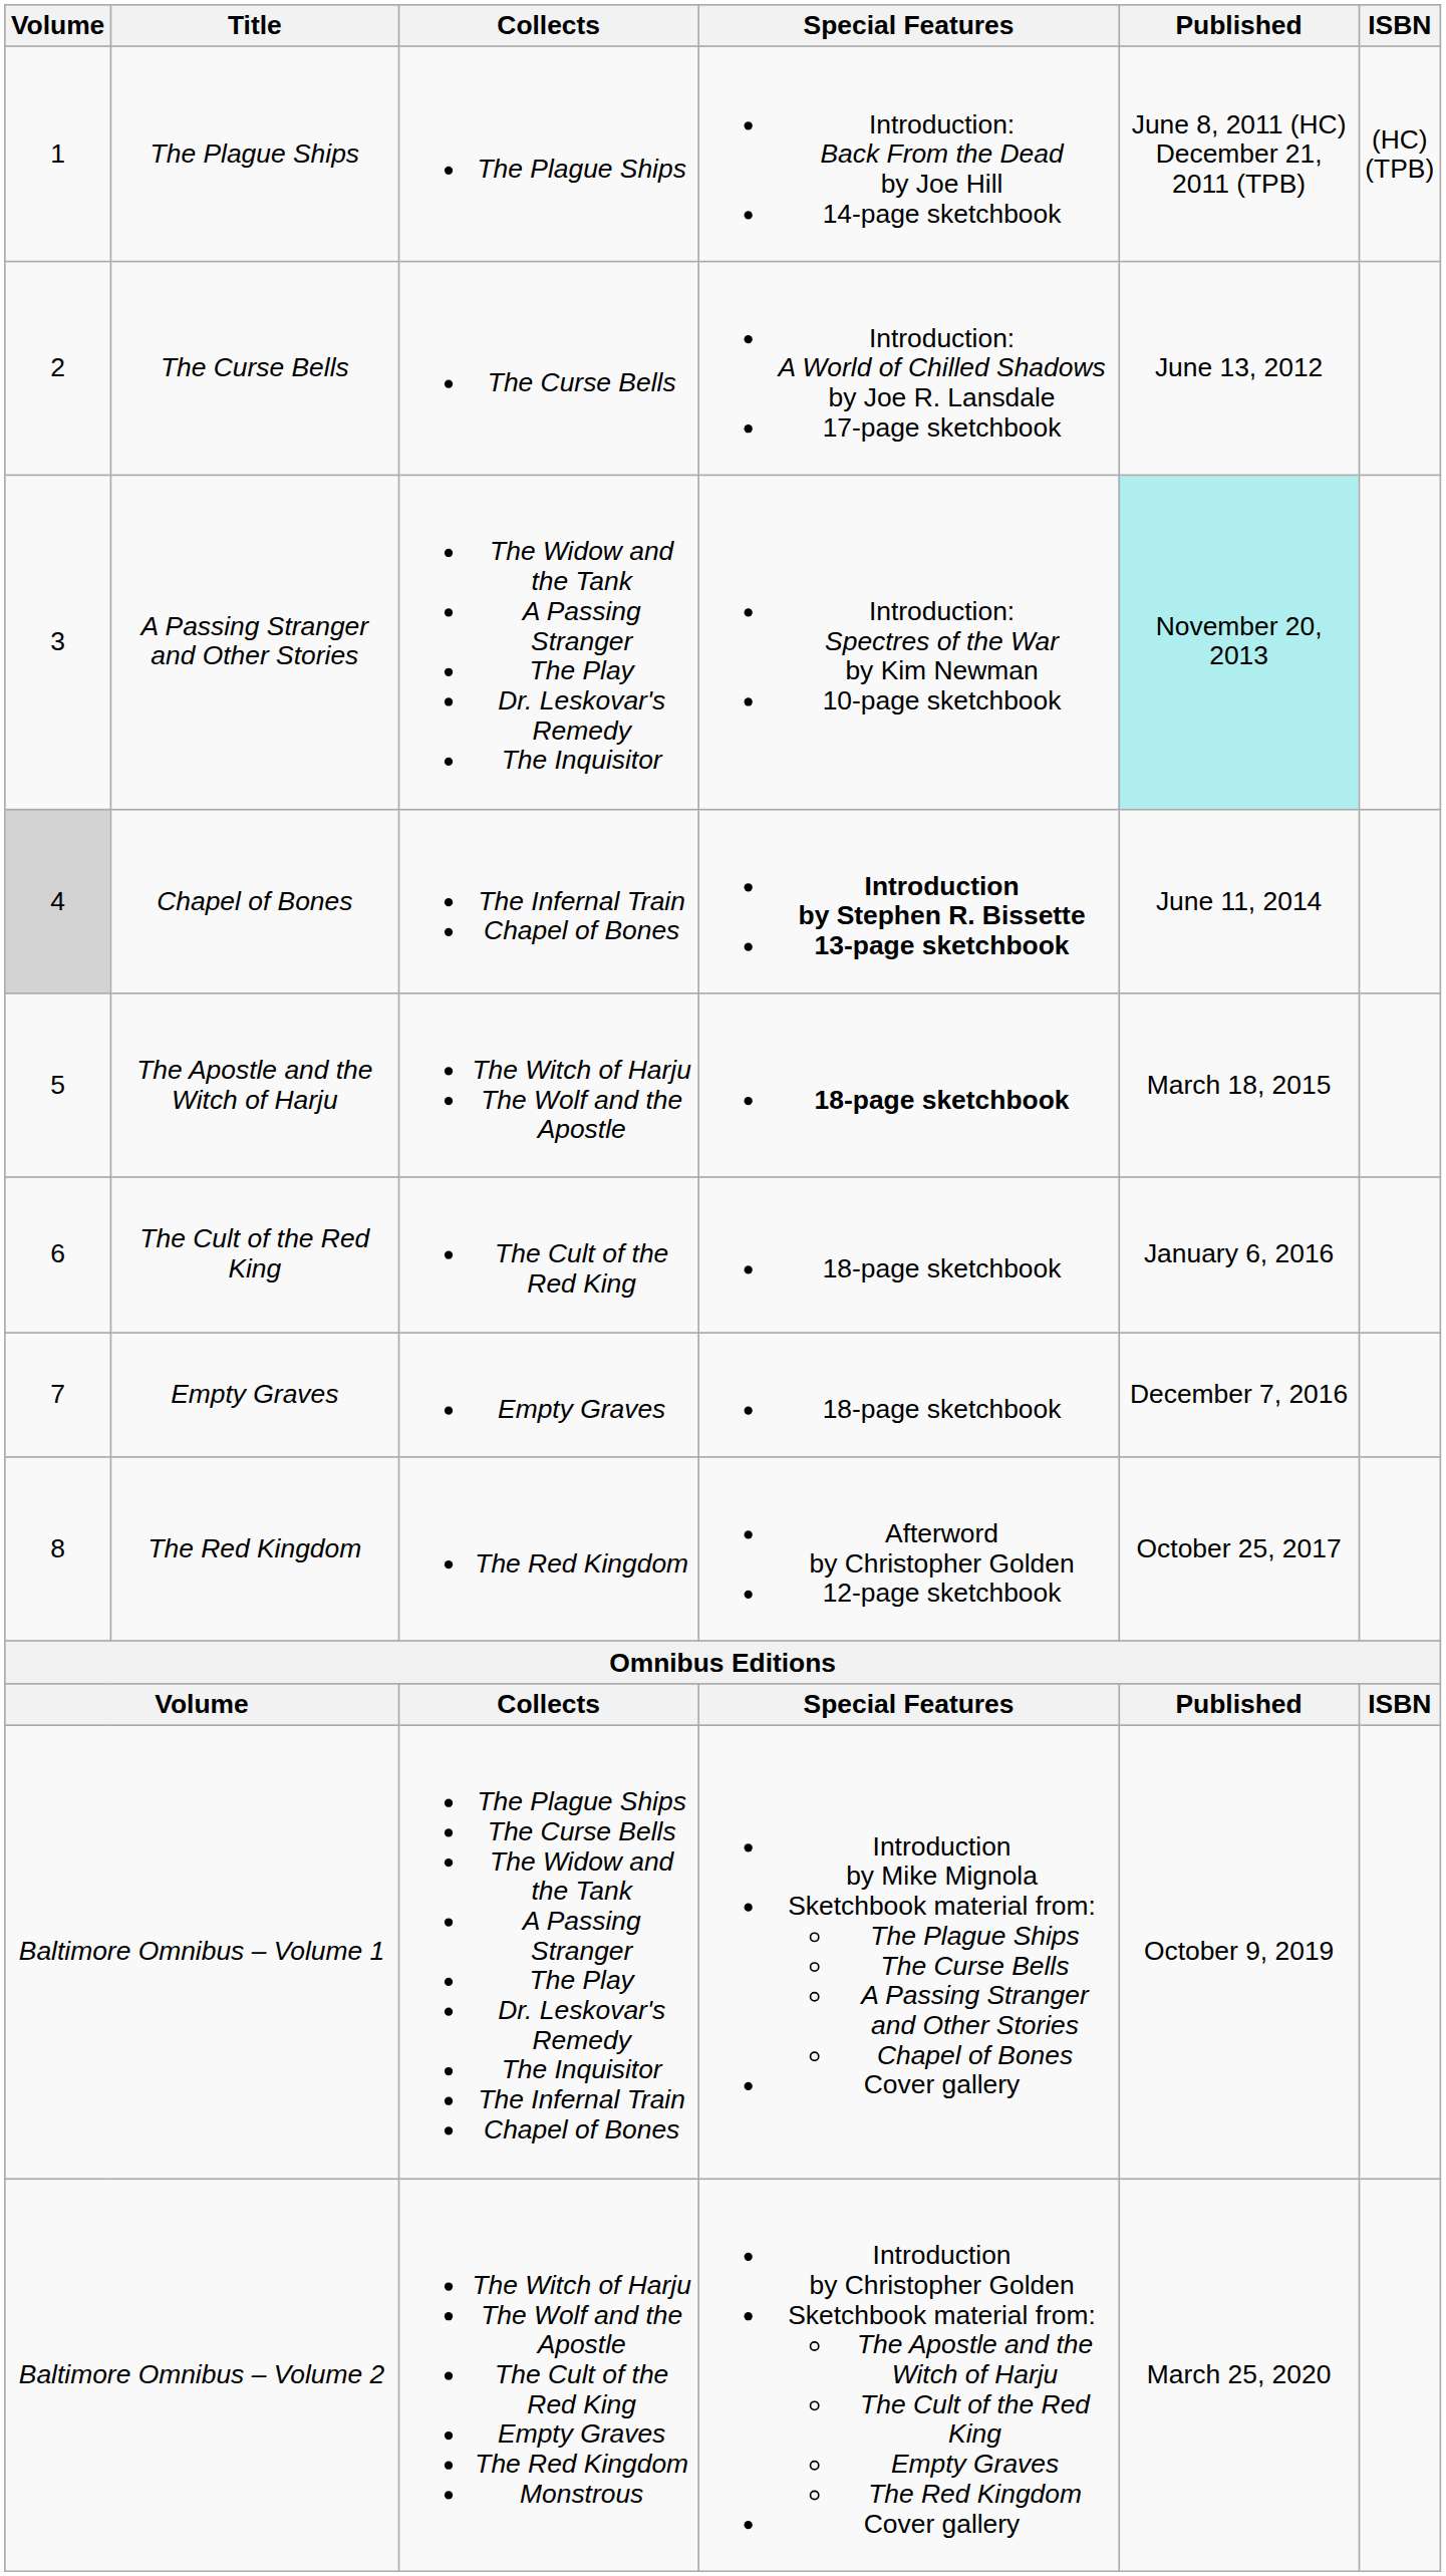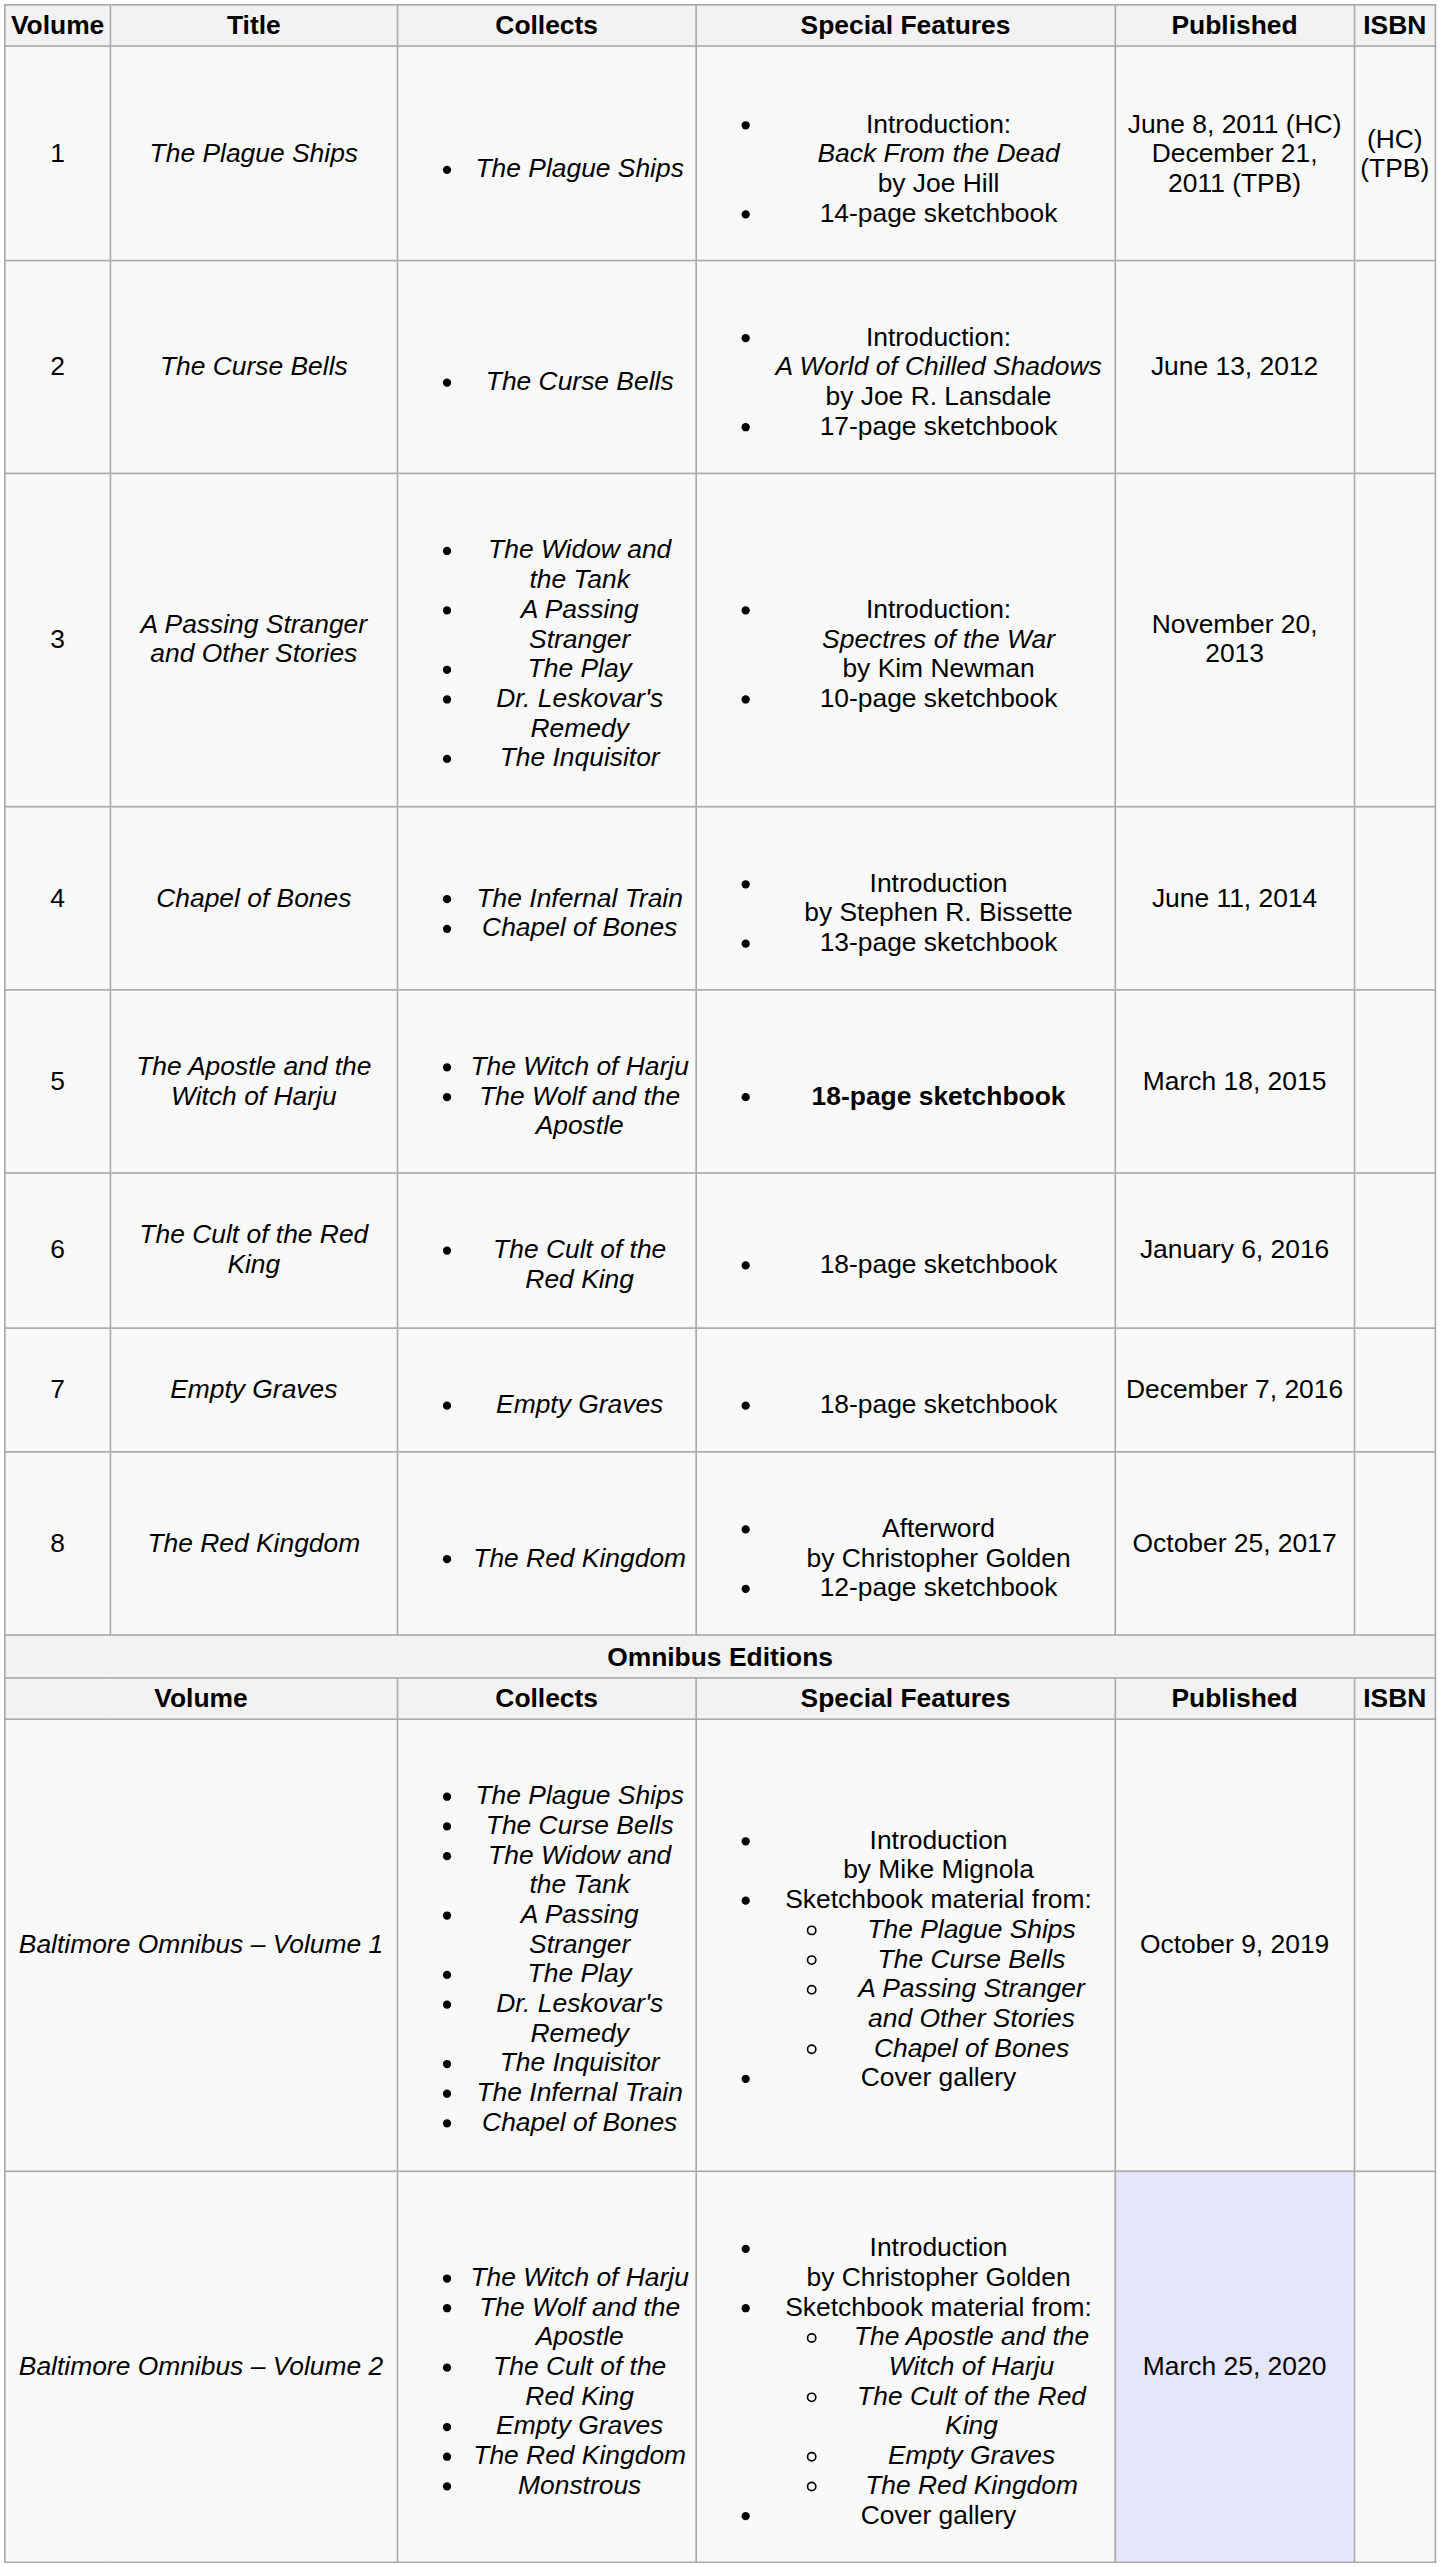 <table class="wikitable" style="text-align: center">
 <tr>
 <th>Volume</th>
 <th>Title</th>
 <th>Collects</th>
 <th>Special Features</th>
 <th>Published</th>
 <th>ISBN</th>
 </tr>
 <tr>
 <td>1</td>
 <td><em>The Plague Ships</em></td>
 <td><br><ul><li><em>The Plague Ships</em></li></ul></td>
 <td><br><ul><li>Introduction:<br><em>Back From the Dead</em><br>by Joe Hill</li><li>14-page sketchbook</li></ul></td>
 <td>June 8, 2011 (HC)<br>December 21, 2011 (TPB)</td>
 <td> (HC)<br> (TPB)</td>
 </tr>
 <tr>
 <td>2</td>
 <td><em>The Curse Bells</em></td>
 <td><br><ul><li><em>The Curse Bells</em></li></ul></td>
 <td><br><ul><li>Introduction:<br><em>A World of Chilled Shadows</em><br>by Joe R. Lansdale</li><li>17-page sketchbook</li></ul></td>
 <td>June 13, 2012</td>
 <td></td>
 </tr>
 <tr>
 <td>3</td>
 <td><em>A Passing Stranger<br>and Other Stories</em></td>
 <td><br><ul><li><em>The Widow and the Tank</em></li><li><em>A Passing Stranger</em></li><li><em>The Play</em></li><li><em>Dr. Leskovar's Remedy</em></li><li><em>The Inquisitor</em></li></ul></td>
 <td><br><ul><li>Introduction:<br><em>Spectres of the War</em><br>by Kim Newman</li><li>10-page sketchbook</li></ul></td>
-<td style="background: paleturquoise;">November 20, 2013</td>
+<td>November 20, 2013</td>
 <td></td>
 </tr>
 <tr>
-<td style="background: lightgrey;">4</td>
+<td>4</td>
 <td><em>Chapel of Bones</em></td>
 <td><br><ul><li><em>The Infernal Train</em></li><li><em>Chapel of Bones</em></li></ul></td>
-<td><strong><br><ul><li>Introduction<br>by Stephen R. Bissette</li><li>13-page sketchbook</li></ul></strong></td>
+<td><br><ul><li>Introduction<br>by Stephen R. Bissette</li><li>13-page sketchbook</li></ul></td>
 <td>June 11, 2014</td>
 <td></td>
 </tr>
 <tr>
 <td>5</td>
 <td><em>The Apostle and the Witch of Harju</em></td>
 <td><br><ul><li><em>The Witch of Harju</em></li><li><em>The Wolf and the Apostle</em></li></ul></td>
 <td><strong><br><ul><li>18-page sketchbook</li></ul></strong></td>
 <td>March 18, 2015</td>
 <td></td>
 </tr>
 <tr>
 <td>6</td>
 <td><em>The Cult of the Red King</em></td>
 <td><br><ul><li><em>The Cult of the Red King</em></li></ul></td>
 <td><br><ul><li>18-page sketchbook</li></ul></td>
 <td>January 6, 2016</td>
 <td></td>
 </tr>
 <tr>
 <td>7</td>
 <td><em>Empty Graves</em></td>
 <td><br><ul><li><em>Empty Graves</em></li></ul></td>
 <td><br><ul><li>18-page sketchbook</li></ul></td>
 <td>December 7, 2016</td>
 <td></td>
 </tr>
 <tr>
 <td>8</td>
 <td><em>The Red Kingdom</em></td>
 <td><br><ul><li><em>The Red Kingdom</em></li></ul></td>
 <td><br><ul><li>Afterword<br>by Christopher Golden</li><li>12-page sketchbook</li></ul></td>
 <td>October 25, 2017</td>
 <td></td>
 </tr>
 <tr>
 <th colspan=6>Omnibus Editions</th>
 </tr>
 <tr>
 <th colspan=2>Volume</th>
 <th>Collects</th>
 <th>Special Features</th>
 <th>Published</th>
 <th>ISBN</th>
 </tr>
 <tr>
 <td colspan=2><em>Baltimore Omnibus – Volume 1</em></td>
 <td><br><ul><li><em>The Plague Ships</em></li><li><em>The Curse Bells</em></li><li><em>The Widow and the Tank</em></li><li><em>A Passing Stranger</em></li><li><em>The Play</em></li><li><em>Dr. Leskovar's Remedy</em></li><li><em>The Inquisitor</em></li><li><em>The Infernal Train</em></li><li><em>Chapel of Bones</em></li></ul></td>
 <td><br><ul><li>Introduction<br>by Mike Mignola</li><li>Sketchbook material from:<ul><li><em>The Plague Ships</em></li><li><em>The Curse Bells</em></li><li><em>A Passing Stranger<br>and Other Stories</em></li><li><em>Chapel of Bones</em></li></ul></li><li>Cover gallery</li></ul></td>
 <td>October 9, 2019</td>
 <td></td>
 </tr>
 <tr>
 <td colspan=2><em>Baltimore Omnibus – Volume 2</em></td>
 <td><br><ul><li><em>The Witch of Harju</em></li><li><em>The Wolf and the Apostle</em></li><li><em>The Cult of the Red King</em></li><li><em>Empty Graves</em></li><li><em>The Red Kingdom</em></li><li><em>Monstrous</em></li></ul></td>
 <td><br><ul><li>Introduction<br>by Christopher Golden</li><li>Sketchbook material from:<ul><li><em>The Apostle and the Witch of Harju</em></li><li><em>The Cult of the Red King</em></li><li><em>Empty Graves</em></li><li><em>The Red Kingdom</em></li></ul></li><li>Cover gallery</li></ul></td>
-<td>March 25, 2020</td>
+<td style="background: lavender;">March 25, 2020</td>
 <td></td>
 </tr>
 </table>
